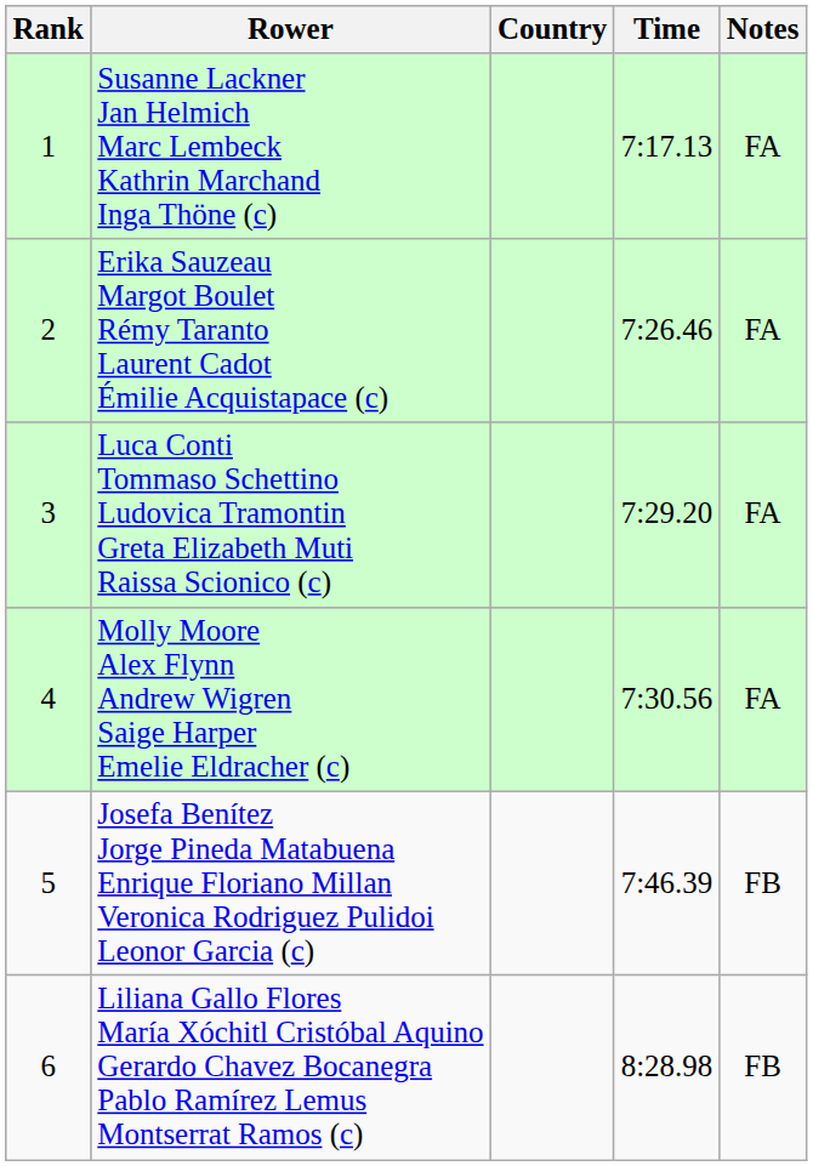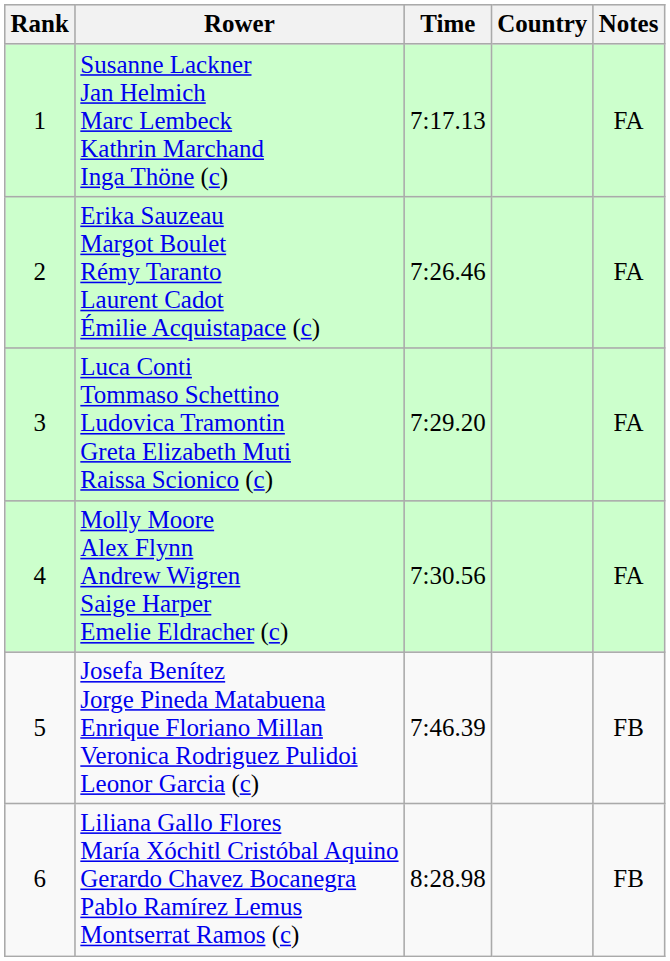 <table class="wikitable" style="text-align:center">
 <tr>
 <th>Rank</th>
 <th>Rower</th>
+<th>Time</th>
 <th>Country</th>
-<th>Time</th>
 <th>Notes</th>
 </tr>
 <tr bgcolor=ccffcc>
 <td>1</td>
 <td align="left"><a href='#'>Susanne Lackner</a><br><a href='#'>Jan Helmich</a><br><a href='#'>Marc Lembeck</a><br><a href='#'>Kathrin Marchand</a><br><a href='#'>Inga Thöne</a> (<a href='#'>c</a>)</td>
+<td>7:17.13</td>
 <td align="left"></td>
-<td>7:17.13</td>
 <td>FA</td>
 </tr>
 <tr bgcolor=ccffcc>
 <td>2</td>
 <td align="left"><a href='#'>Erika Sauzeau</a><br><a href='#'>Margot Boulet</a><br><a href='#'>Rémy Taranto</a><br><a href='#'>Laurent Cadot</a><br><a href='#'>Émilie Acquistapace</a> (<a href='#'>c</a>)</td>
+<td>7:26.46</td>
 <td align="left"></td>
-<td>7:26.46</td>
 <td>FA</td>
 </tr>
 <tr bgcolor=ccffcc>
 <td>3</td>
 <td align="left"><a href='#'>Luca Conti</a><br><a href='#'>Tommaso Schettino</a><br><a href='#'>Ludovica Tramontin</a><br><a href='#'>Greta Elizabeth Muti</a><br><a href='#'>Raissa Scionico</a> (<a href='#'>c</a>)</td>
+<td>7:29.20</td>
 <td align="left"></td>
-<td>7:29.20</td>
 <td>FA</td>
 </tr>
 <tr bgcolor=ccffcc>
 <td>4</td>
 <td align="left"><a href='#'>Molly Moore</a><br><a href='#'>Alex Flynn</a><br><a href='#'>Andrew Wigren</a><br><a href='#'>Saige Harper</a><br><a href='#'>Emelie Eldracher</a> (<a href='#'>c</a>)</td>
+<td>7:30.56</td>
 <td align="left"></td>
-<td>7:30.56</td>
 <td>FA</td>
 </tr>
 <tr>
 <td>5</td>
 <td align="left"><a href='#'>Josefa Benítez</a><br><a href='#'>Jorge Pineda Matabuena</a><br><a href='#'>Enrique Floriano Millan</a><br><a href='#'>Veronica Rodriguez Pulidoi</a><br><a href='#'>Leonor Garcia</a> (<a href='#'>c</a>)</td>
+<td>7:46.39</td>
 <td align="left"></td>
-<td>7:46.39</td>
 <td>FB</td>
 </tr>
 <tr>
 <td>6</td>
 <td align="left"><a href='#'>Liliana Gallo Flores</a><br><a href='#'>María Xóchitl Cristóbal Aquino</a><br><a href='#'>Gerardo Chavez Bocanegra</a><br><a href='#'>Pablo Ramírez Lemus</a><br><a href='#'>Montserrat Ramos</a> (<a href='#'>c</a>)</td>
+<td>8:28.98</td>
 <td align="left"></td>
-<td>8:28.98</td>
 <td>FB</td>
 </tr>
 </table>
